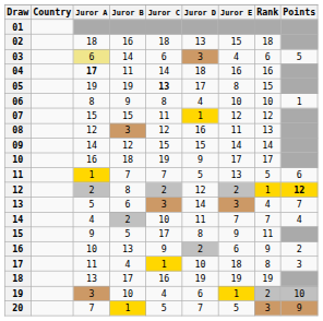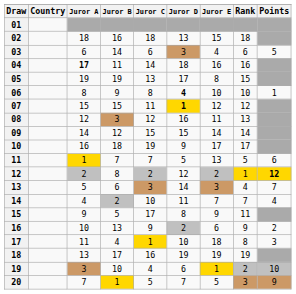 <table class="sortable wikitable collapsible plainrowheaders" style="text-align:center;">
 <tr>
 </tr>
 <tr>
 <th scope="col">Draw</th>
 <th scope="col">Country</th>
 <th scope="col"><small>Juror A</small></th>
 <th scope="col"><small>Juror B</small></th>
 <th scope="col"><small>Juror C</small></th>
 <th scope="col"><small>Juror D</small></th>
 <th scope="col"><small>Juror E</small></th>
 <th scope="col">Rank</th>
 <th scope="col">Points</th>
 </tr>
 <tr class="sortbottom">
 <th scope="row" style="text-align:center;">01</th>
 <td style="text-align:left;"></td>
 <td style="background:#AAAAAA;"></td>
 <td style="background:#AAAAAA;"></td>
 <td style="background:#AAAAAA;"></td>
 <td style="background:#AAAAAA;"></td>
 <td style="background:#AAAAAA;"></td>
 <td style="background:#AAAAAA;"></td>
 <td style="background:#AAAAAA;"></td>
 </tr>
 <tr>
 <th scope="row" style="text-align:center;">02</th>
 <td style="text-align:left;"></td>
 <td>18</td>
 <td>16</td>
 <td>18</td>
 <td>13</td>
 <td>15</td>
 <td>18</td>
 <td style="background:#AAAAAA;"></td>
 </tr>
 <tr>
 <th scope="row" style="text-align:center;">03</th>
 <td style="text-align:left;"></td>
-<td style="background: khaki;">6</td>
+<td>6</td>
 <td>14</td>
 <td>6</td>
 <td style="background:#CC9966;">3</td>
 <td>4</td>
 <td>6</td>
 <td>5</td>
 </tr>
 <tr>
 <th scope="row" style="text-align:center;">04</th>
 <td style="text-align:left;"></td>
 <td><strong>17</strong></td>
 <td>11</td>
 <td>14</td>
 <td>18</td>
 <td>16</td>
 <td>16</td>
 <td style="background:#AAAAAA;"></td>
 </tr>
 <tr>
 <th scope="row" style="text-align:center;">05</th>
 <td style="text-align:left;"></td>
 <td>19</td>
 <td>19</td>
-<td><strong>13</strong></td>
+<td>13</td>
 <td>17</td>
 <td>8</td>
 <td>15</td>
 <td style="background:#AAAAAA;"></td>
 </tr>
 <tr>
 <th scope="row" style="text-align:center;">06</th>
 <td style="text-align:left;"></td>
 <td>8</td>
 <td>9</td>
 <td>8</td>
-<td>4</td>
+<td><strong>4</strong></td>
 <td>10</td>
 <td>10</td>
 <td>1</td>
 </tr>
 <tr>
 <th scope="row" style="text-align:center;">07</th>
 <td style="text-align:left;"></td>
 <td>15</td>
 <td>15</td>
 <td>11</td>
-<td style="background:gold;">1</td>
+<td style="background:gold;"><strong>1</strong></td>
 <td>12</td>
 <td>12</td>
 <td style="background:#AAAAAA;"></td>
 </tr>
 <tr>
 <th scope="row" style="text-align:center;">08</th>
 <td style="text-align:left;"></td>
 <td>12</td>
 <td style="background:#CC9966;">3</td>
 <td>12</td>
 <td>16</td>
 <td>11</td>
 <td>13</td>
 <td style="background:#AAAAAA;"></td>
 </tr>
 <tr>
 <th scope="row" style="text-align:center;">09</th>
 <td style="text-align:left;"></td>
 <td>14</td>
 <td>12</td>
 <td>15</td>
 <td>15</td>
 <td>14</td>
 <td>14</td>
 <td style="background:#AAAAAA;"></td>
 </tr>
 <tr>
 <th scope="row" style="text-align:center;">10</th>
 <td style="text-align:left;"></td>
 <td>16</td>
 <td>18</td>
 <td>19</td>
 <td>9</td>
 <td>17</td>
 <td>17</td>
 <td style="background:#AAAAAA;"></td>
 </tr>
 <tr>
 <th scope="row" style="text-align:center;">11</th>
 <td style="text-align:left;"></td>
 <td style="background:gold;">1</td>
 <td>7</td>
 <td>7</td>
 <td>5</td>
 <td>13</td>
 <td>5</td>
 <td>6</td>
 </tr>
 <tr>
 <th scope="row" style="text-align:center;">12</th>
 <td style="text-align:left;"></td>
 <td style="background:silver;">2</td>
 <td>8</td>
 <td style="background:silver;">2</td>
 <td>12</td>
 <td style="background:silver;">2</td>
 <td style="background:gold;">1</td>
 <td style="background:gold;"><strong>12</strong></td>
 </tr>
 <tr>
 <th scope="row" style="text-align:center;">13</th>
 <td style="text-align:left;"></td>
 <td>5</td>
 <td>6</td>
 <td style="background:#CC9966;">3</td>
 <td>14</td>
 <td style="background:#CC9966;">3</td>
 <td>4</td>
 <td>7</td>
 </tr>
 <tr>
 <th scope="row" style="text-align:center;">14</th>
 <td style="text-align:left;"></td>
 <td>4</td>
 <td style="background:silver;">2</td>
 <td>10</td>
 <td>11</td>
 <td>7</td>
 <td>7</td>
 <td>4</td>
 </tr>
 <tr>
 <th scope="row" style="text-align:center;">15</th>
 <td style="text-align:left;"></td>
 <td>9</td>
 <td>5</td>
 <td>17</td>
 <td>8</td>
 <td>9</td>
 <td>11</td>
 <td style="background:#AAAAAA;"></td>
 </tr>
 <tr>
 <th scope="row" style="text-align:center;">16</th>
 <td style="text-align:left;"></td>
 <td>10</td>
 <td>13</td>
 <td>9</td>
 <td style="background:silver;">2</td>
 <td>6</td>
 <td>9</td>
 <td>2</td>
 </tr>
 <tr>
 <th scope="row" style="text-align:center;">17</th>
 <td style="text-align:left;"></td>
 <td>11</td>
 <td>4</td>
 <td style="background:gold;">1</td>
 <td>10</td>
 <td>18</td>
 <td>8</td>
 <td>3</td>
 </tr>
 <tr>
 <th scope="row" style="text-align:center;">18</th>
 <td style="text-align:left;"></td>
 <td>13</td>
 <td>17</td>
 <td>16</td>
 <td>19</td>
 <td>19</td>
 <td>19</td>
 <td style="background:#AAAAAA;"></td>
 </tr>
 <tr>
 <th scope="row" style="text-align:center;">19</th>
 <td style="text-align:left;"></td>
 <td style="background:#CC9966;">3</td>
 <td>10</td>
 <td>4</td>
 <td>6</td>
 <td style="background:gold;">1</td>
 <td style="background:silver;">2</td>
 <td style="background:silver;">10</td>
 </tr>
 <tr>
 <th scope="row" style="text-align:center;">20</th>
 <td style="text-align:left;"></td>
 <td>7</td>
 <td style="background:gold;">1</td>
 <td>5</td>
 <td>7</td>
 <td>5</td>
 <td style="background:#CC9966;">3</td>
 <td style="background:#CC9966;">9</td>
 </tr>
 </table>
